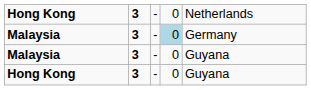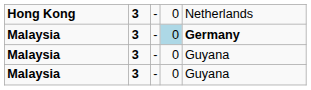 <table class="wikitable">
 <tr>
 <td width=150> <strong>Hong Kong</strong></td>
 <td width=20 align="left"><strong>3</strong></td>
 <td>-</td>
 <td width=20 align="right">0</td>
 <td width=150> Netherlands</td>
 </tr>
 <tr>
 <td> <strong>Malaysia</strong></td>
 <td align="left"><strong>3</strong></td>
 <td>-</td>
 <td align="right" style="background: lightblue;">0</td>
-<td> Germany</td>
+<td><strong> Germany</strong></td>
 </tr>
 <tr>
 <td> <strong>Malaysia</strong></td>
 <td align="left"><strong>3</strong></td>
 <td>-</td>
 <td align="right">0</td>
 <td> Guyana</td>
 </tr>
 <tr>
-<td> <strong>Hong Kong</strong></td>
+<td> <strong>Malaysia</strong></td>
 <td align="left"><strong>3</strong></td>
 <td>-</td>
 <td align="right">0</td>
 <td> Guyana</td>
 </tr>
 </table>
